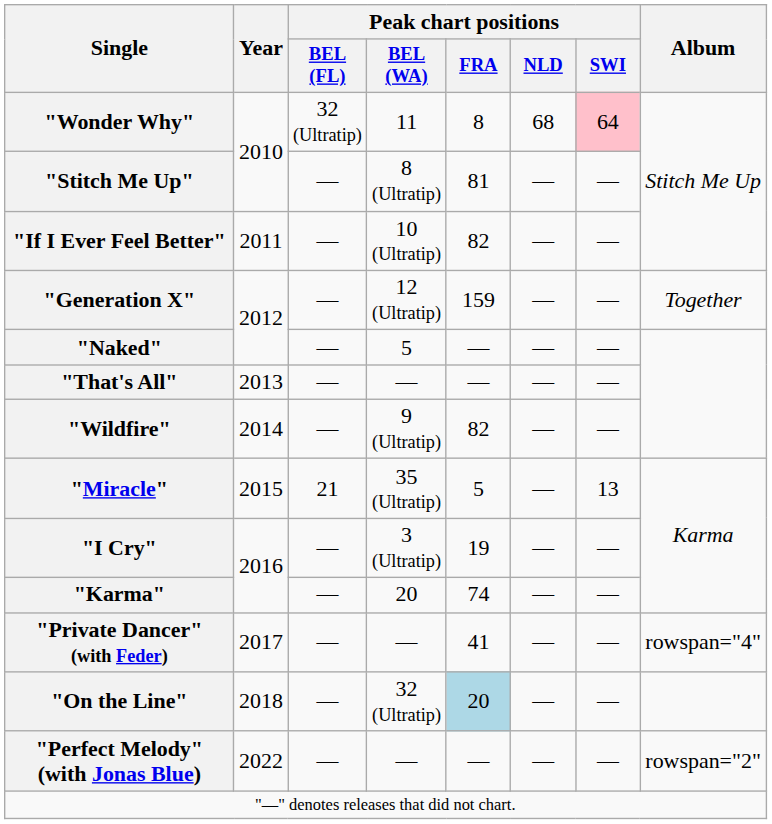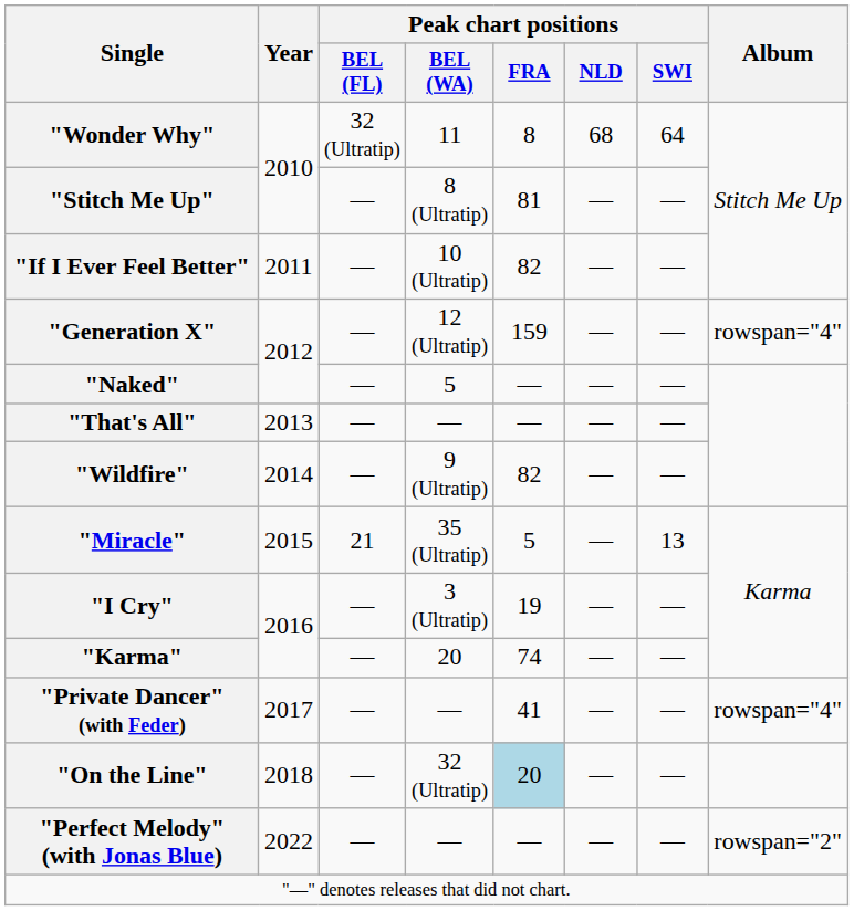 <table class="wikitable plainrowheaders" style="text-align:center;">
 <tr>
 <th scope="colw" rowspan="2" style="width:10em;">Single</th>
 <th scope="col" rowspan="2" style="width:2em;">Year</th>
 <th scope="col" colspan="5">Peak chart positions</th>
 <th scope="col" rowspan="2">Album</th>
 </tr>
 <tr>
 <th scope="col" style="width:3em;font-size:85%;"><a href='#'>BEL<br>(FL)</a><br></th>
 <th scope="col" style="width:3em;font-size:85%;"><a href='#'>BEL<br>(WA)</a><br></th>
 <th scope="col" style="width:3em;font-size:85%;"><a href='#'>FRA</a><br></th>
 <th scope="col" style="width:3em;font-size:85%;"><a href='#'>NLD</a><br></th>
 <th scope="col" style="width:3em;font-size:85%;"><a href='#'>SWI</a><br></th>
 </tr>
 <tr>
 <th scope="row">"Wonder Why"</th>
 <td rowspan="2">2010</td>
 <td>32<br><small>(Ultratip)</small></td>
 <td>11</td>
 <td>8</td>
 <td>68</td>
-<td style="background: pink;">64</td>
+<td>64</td>
 <td rowspan="3"><em>Stitch Me Up</em></td>
 </tr>
 <tr>
 <th scope="row">"Stitch Me Up"</th>
 <td>—</td>
 <td>8<br><small>(Ultratip)</small></td>
 <td>81</td>
 <td>—</td>
 <td>—</td>
 </tr>
 <tr>
 <th scope="row">"If I Ever Feel Better"</th>
 <td>2011</td>
 <td>—</td>
 <td>10<br><small>(Ultratip)</small></td>
 <td>82</td>
 <td>—</td>
 <td>—</td>
 </tr>
 <tr>
 <th scope="row">"Generation X"</th>
 <td rowspan="2">2012</td>
 <td>—</td>
 <td>12<br><small>(Ultratip)</small></td>
 <td>159</td>
 <td>—</td>
 <td>—</td>
-<td><em>Together</em></td>
+<td>rowspan="4" </td>
 </tr>
 <tr>
 <th scope="row">"Naked"</th>
 <td>—</td>
 <td>5</td>
 <td>—</td>
 <td>—</td>
 <td>—</td>
 </tr>
 <tr>
 <th scope="row">"That's All"</th>
 <td>2013</td>
 <td>—</td>
 <td>—</td>
 <td>—</td>
 <td>—</td>
 <td>—</td>
 </tr>
 <tr>
 <th scope="row">"Wildfire"</th>
 <td>2014</td>
 <td>—</td>
 <td>9<br><small>(Ultratip)</small></td>
 <td>82</td>
 <td>—</td>
 <td>—</td>
 </tr>
 <tr>
 <th scope="row">"<a href='#'>Miracle</a>"</th>
 <td>2015</td>
 <td>21</td>
 <td>35<br><small>(Ultratip)</small></td>
 <td>5</td>
 <td>—</td>
 <td>13</td>
 <td rowspan="3"><em>Karma</em></td>
 </tr>
 <tr>
 <th scope="row">"I Cry"</th>
 <td rowspan="2">2016</td>
 <td>—</td>
 <td>3<br><small>(Ultratip)</small></td>
 <td>19</td>
 <td>—</td>
 <td>—</td>
 </tr>
 <tr>
 <th scope="row">"Karma"</th>
 <td>—</td>
 <td>20</td>
 <td>74<br></td>
 <td>—</td>
 <td>—</td>
 </tr>
 <tr>
 <th scope="row">"Private Dancer" <br><small>(with <a href='#'>Feder</a>)</small></th>
 <td>2017</td>
 <td>—</td>
 <td>—</td>
 <td>41<br></td>
 <td>—</td>
 <td>—</td>
 <td>rowspan="4" </td>
 </tr>
 <tr>
 <th scope="row">"On the Line"</th>
 <td>2018</td>
 <td>—</td>
 <td>32<br><small>(Ultratip)</small></td>
 <td style="background: lightblue;">20</td>
 <td>—</td>
 <td>—</td>
 </tr>
 <tr>
 <th scope="row">"Perfect Melody"<br><span>(with <a href='#'>Jonas Blue</a>)</span></th>
 <td>2022</td>
 <td>—</td>
 <td>—</td>
 <td>—</td>
 <td>—</td>
 <td>—</td>
 <td>rowspan="2" </td>
 </tr>
 <tr>
 <td colspan="9" style="font-size:9pt">"—" denotes releases that did not chart.</td>
 </tr>
 </table>
